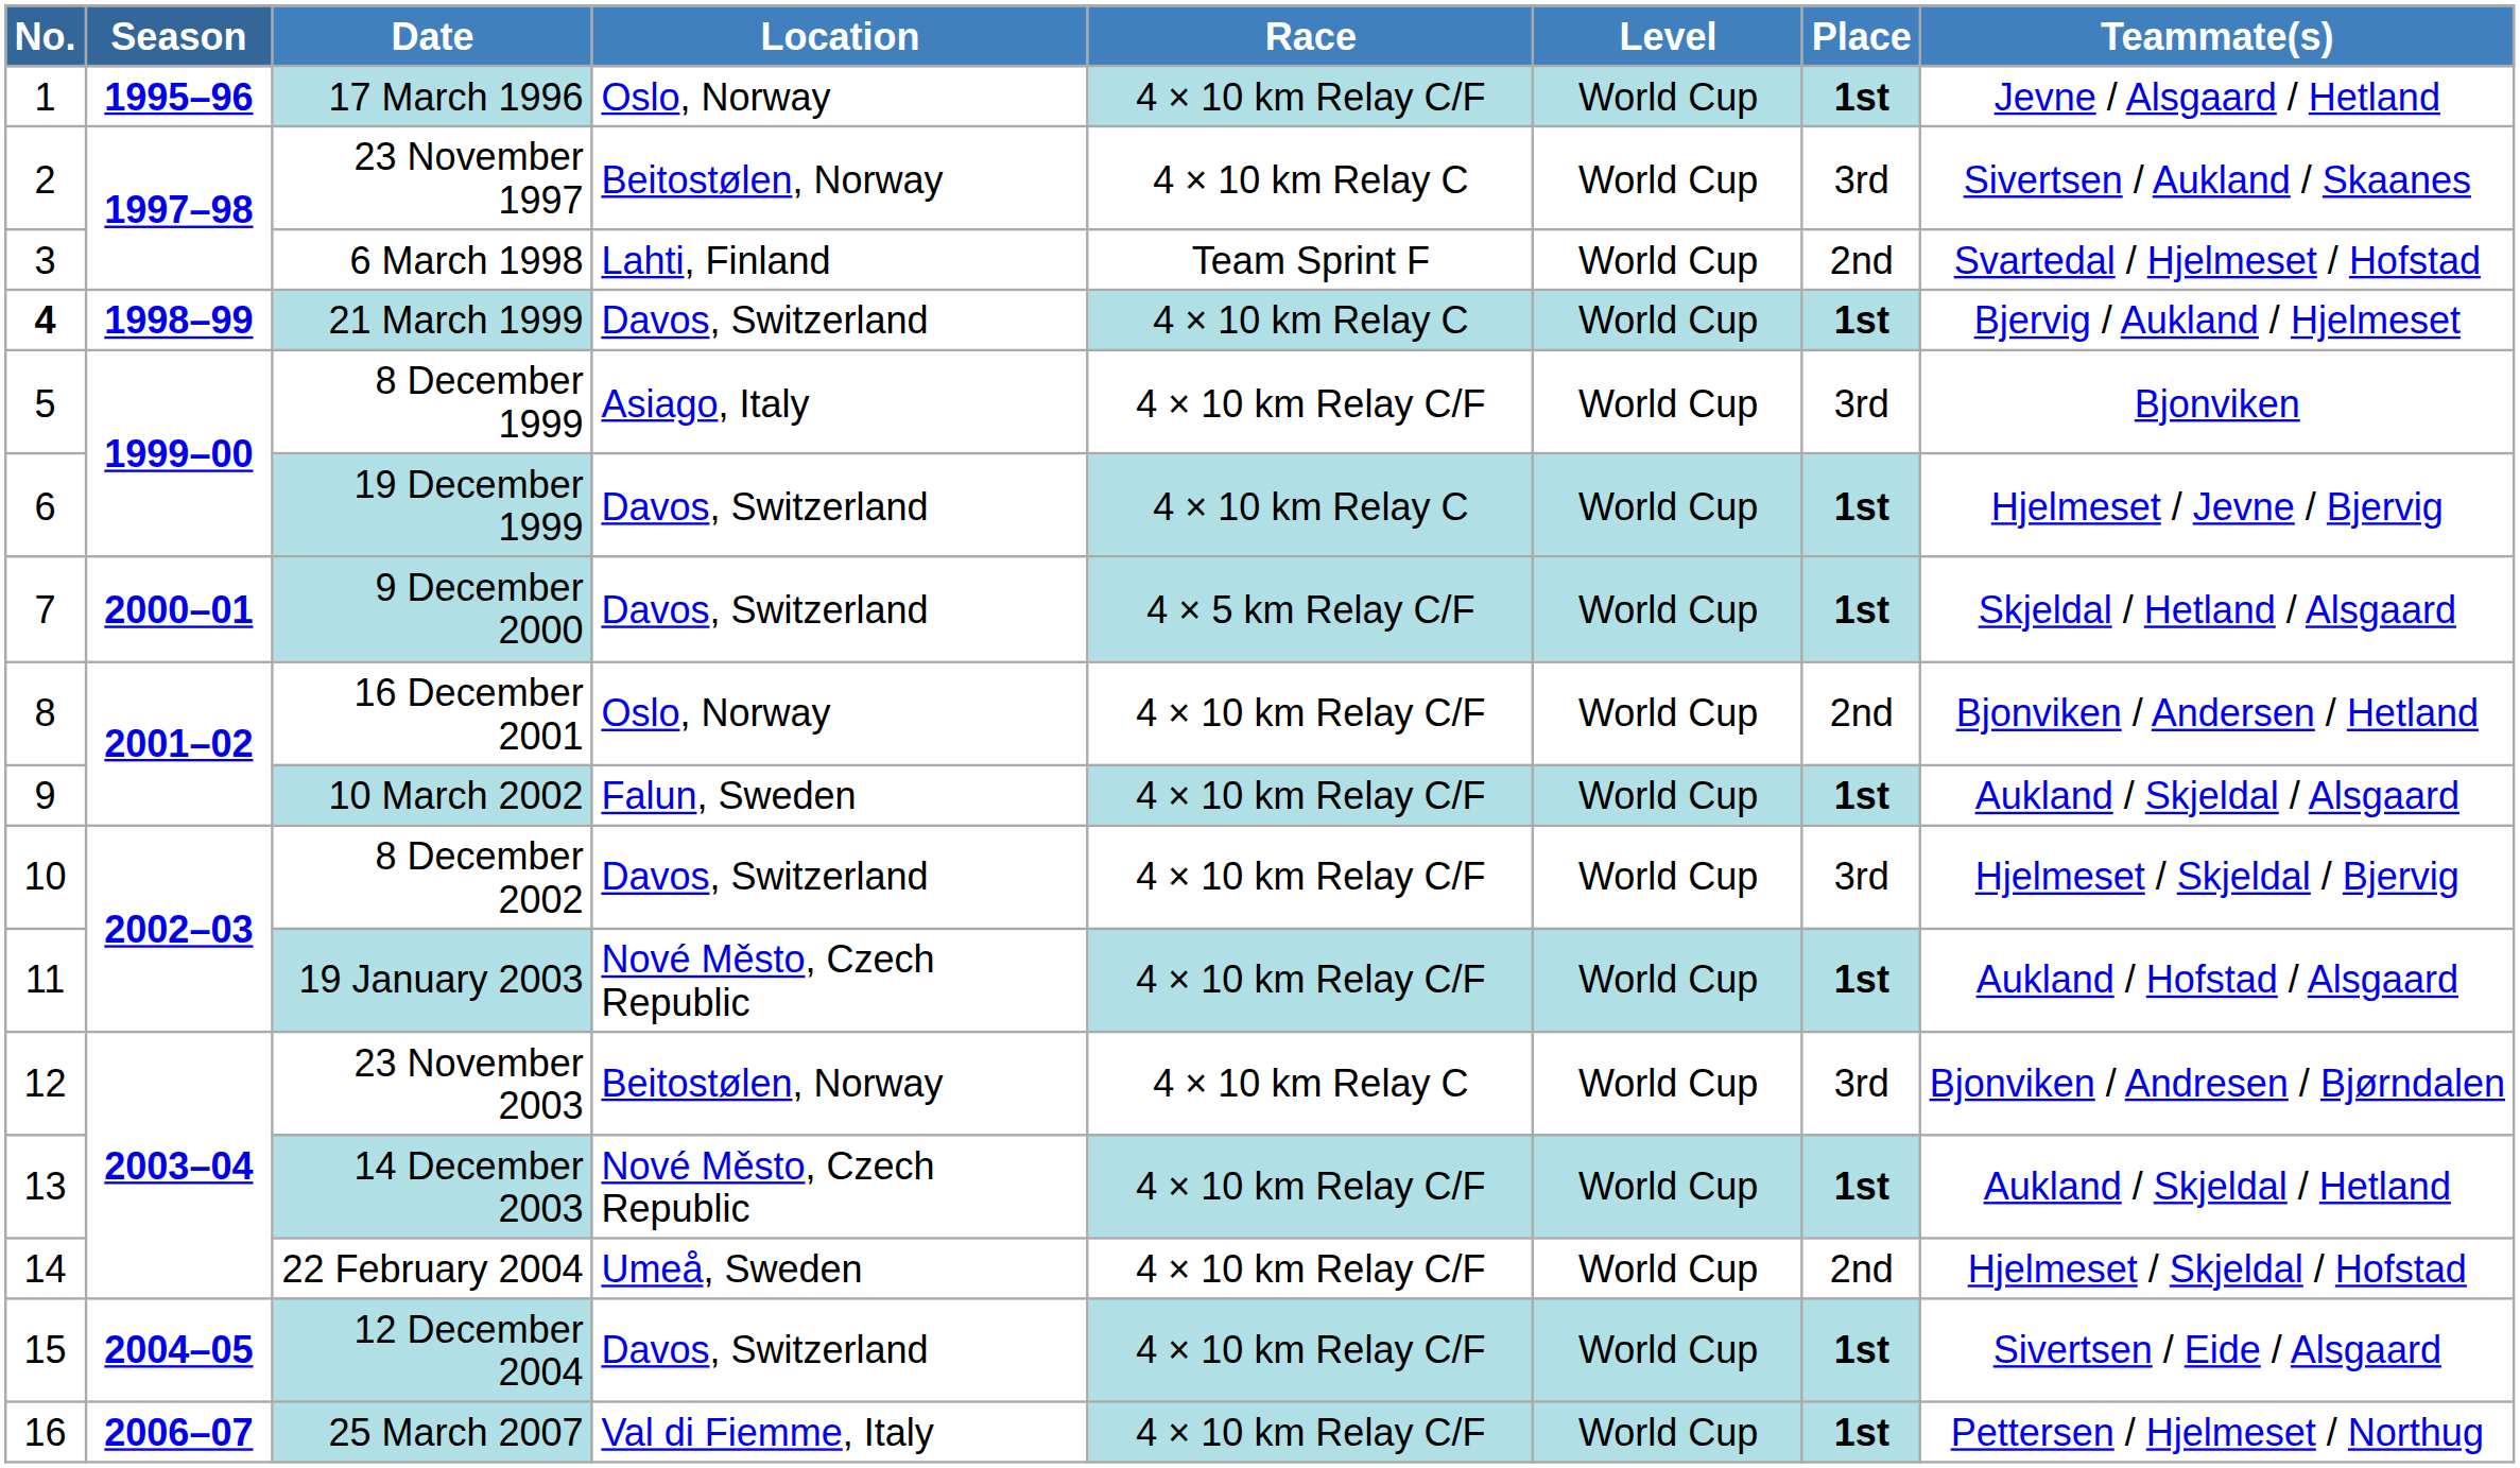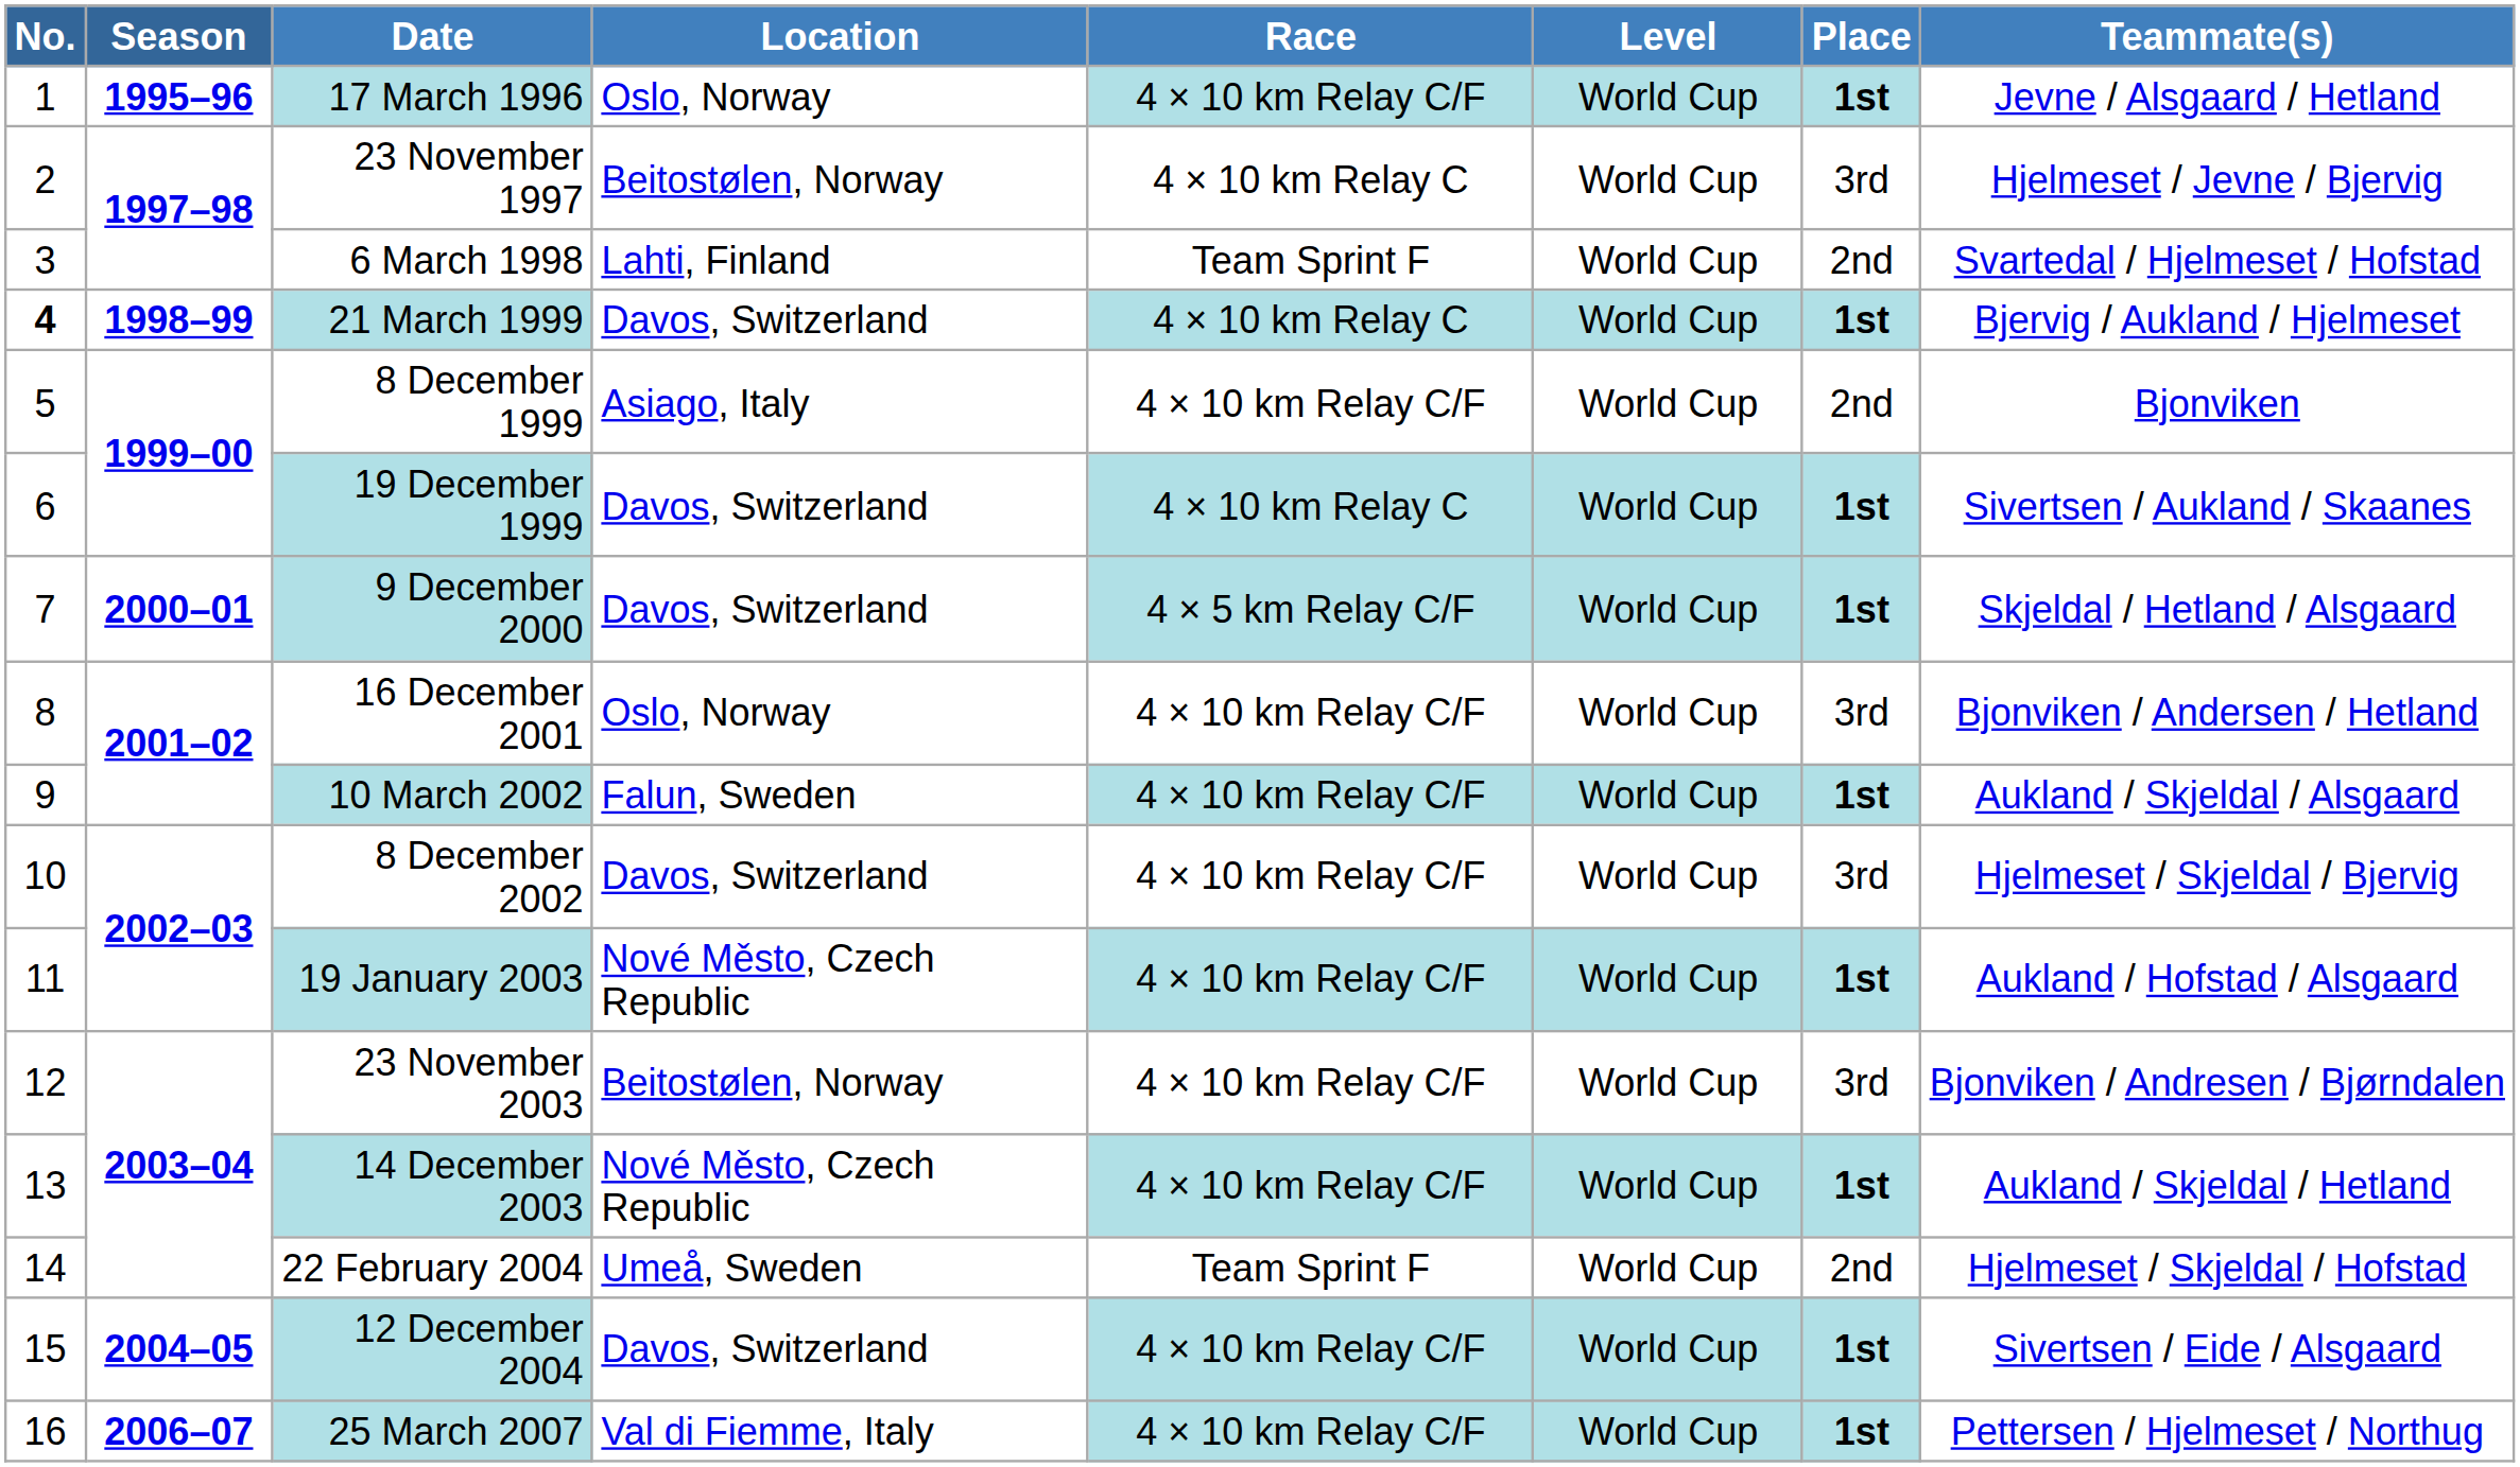 <table class="wikitable sortable" style="font-size:95%; text-align:center; border:grey solid 1px; border-collapse:collapse; background:#ffffff;">
 <tr style="background:#efefef;">
 <th style="background-color:#369; color:white;">No.</th>
 <th style="background-color:#369; color:white;">Season</th>
 <th style="background-color:#4180be; color:white; width:120px;">Date</th>
 <th style="background-color:#4180be; color:white; width:190px;">Location</th>
 <th style="background-color:#4180be; color:white; width:170px;">Race</th>
 <th style="background-color:#4180be; color:white; width:100px;">Level</th>
 <th style="background-color:#4180be; color:white;">Place</th>
 <th style="background-color:#4180be; color:white;">Teammate(s)</th>
 </tr>
 <tr>
 <td align=center>1</td>
 <td rowspan=1 align=center><strong><a href='#'>1995–96</a></strong></td>
 <td bgcolor="#BOEOE6" align=right>17 March 1996</td>
 <td align=left> <a href='#'>Oslo</a>, Norway</td>
 <td bgcolor="#BOEOE6">4 × 10 km Relay C/F</td>
 <td bgcolor="#BOEOE6">World Cup</td>
 <td bgcolor="#BOEOE6"><strong>1st</strong></td>
 <td><a href='#'>Jevne</a> / <a href='#'>Alsgaard</a> / <a href='#'>Hetland</a></td>
 </tr>
 <tr>
 <td align=center>2</td>
 <td rowspan=2 align=center><strong> <a href='#'>1997–98</a> </strong></td>
 <td align=right>23 November 1997</td>
 <td align=left> <a href='#'>Beitostølen</a>, Norway</td>
 <td>4 × 10 km Relay C</td>
 <td>World Cup</td>
 <td>3rd</td>
-<td><a href='#'>Sivertsen</a> / <a href='#'>Aukland</a> / <a href='#'>Skaanes</a></td>
+<td><a href='#'>Hjelmeset</a> / <a href='#'>Jevne</a> / <a href='#'>Bjervig</a></td>
 </tr>
 <tr>
 <td align=center>3</td>
 <td align=right>6 March 1998</td>
 <td align=left> <a href='#'>Lahti</a>, Finland</td>
 <td>Team Sprint F</td>
 <td>World Cup</td>
 <td>2nd</td>
 <td><a href='#'>Svartedal</a> / <a href='#'>Hjelmeset</a> / <a href='#'>Hofstad</a></td>
 </tr>
 <tr>
 <td align=center><strong>4</strong></td>
 <td rowspan=1 align=center><strong><a href='#'>1998–99</a></strong></td>
 <td bgcolor="#BOEOE6" align=right>21 March 1999</td>
 <td align=left> <a href='#'>Davos</a>, Switzerland</td>
 <td bgcolor="#BOEOE6">4 × 10 km Relay C</td>
 <td bgcolor="#BOEOE6">World Cup</td>
 <td bgcolor="#BOEOE6"><strong>1st</strong></td>
 <td><a href='#'>Bjervig</a> / <a href='#'>Aukland</a> / <a href='#'>Hjelmeset</a></td>
 </tr>
 <tr>
 <td align=center>5</td>
 <td rowspan=2 align=center><strong> <a href='#'>1999–00</a> </strong></td>
 <td align=right>8 December 1999</td>
 <td align=left> <a href='#'>Asiago</a>, Italy</td>
 <td>4 × 10 km Relay C/F</td>
 <td>World Cup</td>
-<td>3rd</td>
+<td>2nd</td>
 <td><a href='#'>Bjonviken</a></td>
 </tr>
 <tr>
 <td align=center>6</td>
 <td bgcolor="#BOEOE6" align=right>19 December 1999</td>
 <td align=left> <a href='#'>Davos</a>, Switzerland</td>
 <td bgcolor="#BOEOE6">4 × 10 km Relay C</td>
 <td bgcolor="#BOEOE6">World Cup</td>
 <td bgcolor="#BOEOE6"><strong>1st</strong></td>
-<td><a href='#'>Hjelmeset</a> / <a href='#'>Jevne</a> / <a href='#'>Bjervig</a></td>
+<td><a href='#'>Sivertsen</a> / <a href='#'>Aukland</a> / <a href='#'>Skaanes</a></td>
 </tr>
 <tr>
 <td align=center>7</td>
 <td rowspan=1 align=center><strong><a href='#'>2000–01</a></strong></td>
 <td bgcolor="#BOEOE6" align=right>9 December 2000</td>
 <td align=left> <a href='#'>Davos</a>, Switzerland</td>
 <td bgcolor="#BOEOE6">4 × 5 km Relay C/F</td>
 <td bgcolor="#BOEOE6">World Cup</td>
 <td bgcolor="#BOEOE6"><strong>1st</strong></td>
 <td><a href='#'>Skjeldal</a> / <a href='#'>Hetland</a> / <a href='#'>Alsgaard</a></td>
 </tr>
 <tr>
 <td align=center>8</td>
 <td rowspan=2 align=center><strong> <a href='#'>2001–02</a> </strong></td>
 <td align=right>16 December 2001</td>
 <td align=left> <a href='#'>Oslo</a>, Norway</td>
 <td>4 × 10 km Relay C/F</td>
 <td>World Cup</td>
-<td>2nd</td>
+<td>3rd</td>
 <td><a href='#'>Bjonviken</a> / <a href='#'>Andersen</a> / <a href='#'>Hetland</a></td>
 </tr>
 <tr>
 <td align=center>9</td>
 <td bgcolor="#BOEOE6" align=right>10 March 2002</td>
 <td align=left> <a href='#'>Falun</a>, Sweden</td>
 <td bgcolor="#BOEOE6">4 × 10 km Relay C/F</td>
 <td bgcolor="#BOEOE6">World Cup</td>
 <td bgcolor="#BOEOE6"><strong>1st</strong></td>
 <td><a href='#'>Aukland</a> / <a href='#'>Skjeldal</a> / <a href='#'>Alsgaard</a></td>
 </tr>
 <tr>
 <td align=center>10</td>
 <td rowspan=2 align=center><strong> <a href='#'>2002–03</a> </strong></td>
 <td align=right>8 December 2002</td>
 <td align=left> <a href='#'>Davos</a>, Switzerland</td>
 <td>4 × 10 km Relay C/F</td>
 <td>World Cup</td>
 <td>3rd</td>
 <td><a href='#'>Hjelmeset</a> / <a href='#'>Skjeldal</a> / <a href='#'>Bjervig</a></td>
 </tr>
 <tr>
 <td align=center>11</td>
 <td bgcolor="#BOEOE6" align=right>19 January 2003</td>
 <td align=left> <a href='#'>Nové Město</a>, Czech Republic</td>
 <td bgcolor="#BOEOE6">4 × 10 km Relay C/F</td>
 <td bgcolor="#BOEOE6">World Cup</td>
 <td bgcolor="#BOEOE6"><strong>1st</strong></td>
 <td><a href='#'>Aukland</a> / <a href='#'>Hofstad</a> / <a href='#'>Alsgaard</a></td>
 </tr>
 <tr>
 <td align=center>12</td>
 <td rowspan=3 align=center><strong> <a href='#'>2003–04</a> </strong></td>
 <td align=right>23 November 2003</td>
 <td align=left> <a href='#'>Beitostølen</a>, Norway</td>
-<td>4 × 10 km Relay C</td>
+<td>4 × 10 km Relay C/F</td>
 <td>World Cup</td>
 <td>3rd</td>
 <td><a href='#'>Bjonviken</a> / <a href='#'>Andresen</a> / <a href='#'>Bjørndalen</a></td>
 </tr>
 <tr>
 <td align=center>13</td>
 <td bgcolor="#BOEOE6" align=right>14 December 2003</td>
 <td align=left> <a href='#'>Nové Město</a>, Czech Republic</td>
 <td bgcolor="#BOEOE6">4 × 10 km Relay C/F</td>
 <td bgcolor="#BOEOE6">World Cup</td>
 <td bgcolor="#BOEOE6"><strong>1st</strong></td>
 <td><a href='#'>Aukland</a> / <a href='#'>Skjeldal</a> / <a href='#'>Hetland</a></td>
 </tr>
 <tr>
 <td align=center>14</td>
 <td align=right>22 February 2004</td>
 <td align=left> <a href='#'>Umeå</a>, Sweden</td>
-<td>4 × 10 km Relay C/F</td>
+<td>Team Sprint F</td>
 <td>World Cup</td>
 <td>2nd</td>
 <td><a href='#'>Hjelmeset</a> / <a href='#'>Skjeldal</a> / <a href='#'>Hofstad</a></td>
 </tr>
 <tr>
 <td align=center>15</td>
 <td rowspan=1 align=center><strong><a href='#'>2004–05</a></strong></td>
 <td bgcolor="#BOEOE6" align=right>12 December 2004</td>
 <td align=left> <a href='#'>Davos</a>, Switzerland</td>
 <td bgcolor="#BOEOE6">4 × 10 km Relay C/F</td>
 <td bgcolor="#BOEOE6">World Cup</td>
 <td bgcolor="#BOEOE6"><strong>1st</strong></td>
 <td><a href='#'>Sivertsen</a> / <a href='#'>Eide</a> / <a href='#'>Alsgaard</a></td>
 </tr>
 <tr>
 <td align=center>16</td>
 <td rowspan=1 align=center><strong><a href='#'>2006–07</a></strong></td>
 <td bgcolor="#BOEOE6" align=right>25 March 2007</td>
 <td align=left> <a href='#'>Val di Fiemme</a>, Italy</td>
 <td bgcolor="#BOEOE6">4 × 10 km Relay C/F</td>
 <td bgcolor="#BOEOE6">World Cup</td>
 <td bgcolor="#BOEOE6"><strong>1st</strong></td>
 <td><a href='#'>Pettersen</a> / <a href='#'>Hjelmeset</a> / <a href='#'>Northug</a></td>
 </tr>
 </table>
